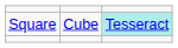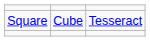 <table class="wikitable" align="right" style="border-width:30%;">
 <tr>
 <td align=center></td>
 <td align=center></td>
 <td align=center></td>
 </tr>
 <tr>
 <td><a href='#'>Square</a></td>
 <td><a href='#'>Cube</a></td>
-<td style="background: paleturquoise;"><a href='#'>Tesseract</a></td>
+<td><a href='#'>Tesseract</a></td>
 </tr>
 <tr>
 <td></td>
 <td></td>
 <td></td>
 </tr>
 </table>
